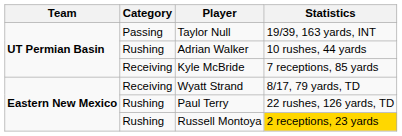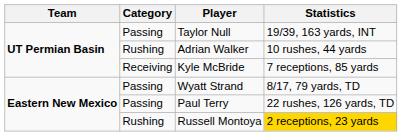 <table class="wikitable" style="float: right;">
 <tr>
 <th>Team</th>
 <th>Category</th>
 <th>Player</th>
 <th>Statistics</th>
 </tr>
 <tr>
 <td rowspan=3><strong>UT Permian Basin</strong></td>
 <td>Passing</td>
 <td>Taylor Null</td>
 <td>19/39, 163 yards, INT</td>
 </tr>
 <tr>
 <td>Rushing</td>
 <td>Adrian Walker</td>
 <td>10 rushes, 44 yards</td>
 </tr>
 <tr>
 <td>Receiving</td>
 <td>Kyle McBride</td>
 <td>7 receptions, 85 yards</td>
 </tr>
 <tr>
 <td rowspan=3><strong>Eastern New Mexico</strong></td>
-<td>Receiving</td>
+<td>Passing</td>
 <td>Wyatt Strand</td>
 <td>8/17, 79 yards, TD</td>
 </tr>
 <tr>
-<td>Rushing</td>
+<td>Passing</td>
 <td>Paul Terry</td>
 <td>22 rushes, 126 yards, TD</td>
 </tr>
 <tr>
 <td>Rushing</td>
 <td>Russell Montoya</td>
 <td style="background: gold;">2 receptions, 23 yards</td>
 </tr>
 </table>
